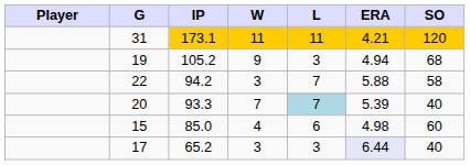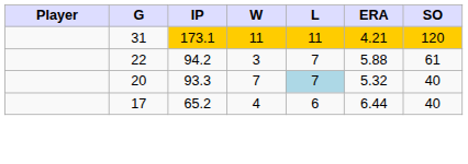 <table class="wikitable sortable">
 <tr>
 <th style="background:#ddf; width:16%;">Player</th>
 <th style="background:#ddf; width:9%;">G</th>
 <th style="background:#ddf; width:9%;">IP</th>
 <th style="background:#ddf; width:9%;">W</th>
 <th style="background:#ddf; width:9%;">L</th>
 <th style="background:#ddf; width:9%;">ERA</th>
 <th style="background:#ddf; width:9%;">SO</th>
 </tr>
 <tr style="text-align:center;">
 <td></td>
 <td>31</td>
 <td bgcolor="#FFCC00">173.1</td>
 <td bgcolor="#FFCC00">11</td>
 <td bgcolor="#FFCC00">11</td>
 <td bgcolor="#FFCC00">4.21</td>
 <td bgcolor="#FFCC00">120</td>
 </tr>
 <tr style="text-align:center;">
 <td></td>
-<td>19</td>
-<td>105.2</td>
-<td>9</td>
-<td>3</td>
-<td>4.94</td>
-<td>68</td>
-</tr>
-<tr style="text-align:center;">
-<td></td>
 <td>22</td>
 <td>94.2</td>
 <td>3</td>
 <td>7</td>
 <td>5.88</td>
-<td>58</td>
+<td>61</td>
 </tr>
 <tr style="text-align:center;">
 <td></td>
 <td>20</td>
 <td>93.3</td>
 <td>7</td>
 <td style="background: lightblue;">7</td>
-<td>5.39</td>
+<td>5.32</td>
 <td>40</td>
-</tr>
-<tr style="text-align:center;">
-<td></td>
-<td>15</td>
-<td>85.0</td>
-<td>4</td>
-<td>6</td>
-<td>4.98</td>
-<td>60</td>
 </tr>
 <tr style="text-align:center;">
 <td></td>
 <td>17</td>
 <td>65.2</td>
-<td>3</td>
-<td>3</td>
-<td style="background: lavender;">6.44</td>
+<td>4</td>
+<td>6</td>
+<td>6.44</td>
 <td>40</td>
 </tr>
 </table>
